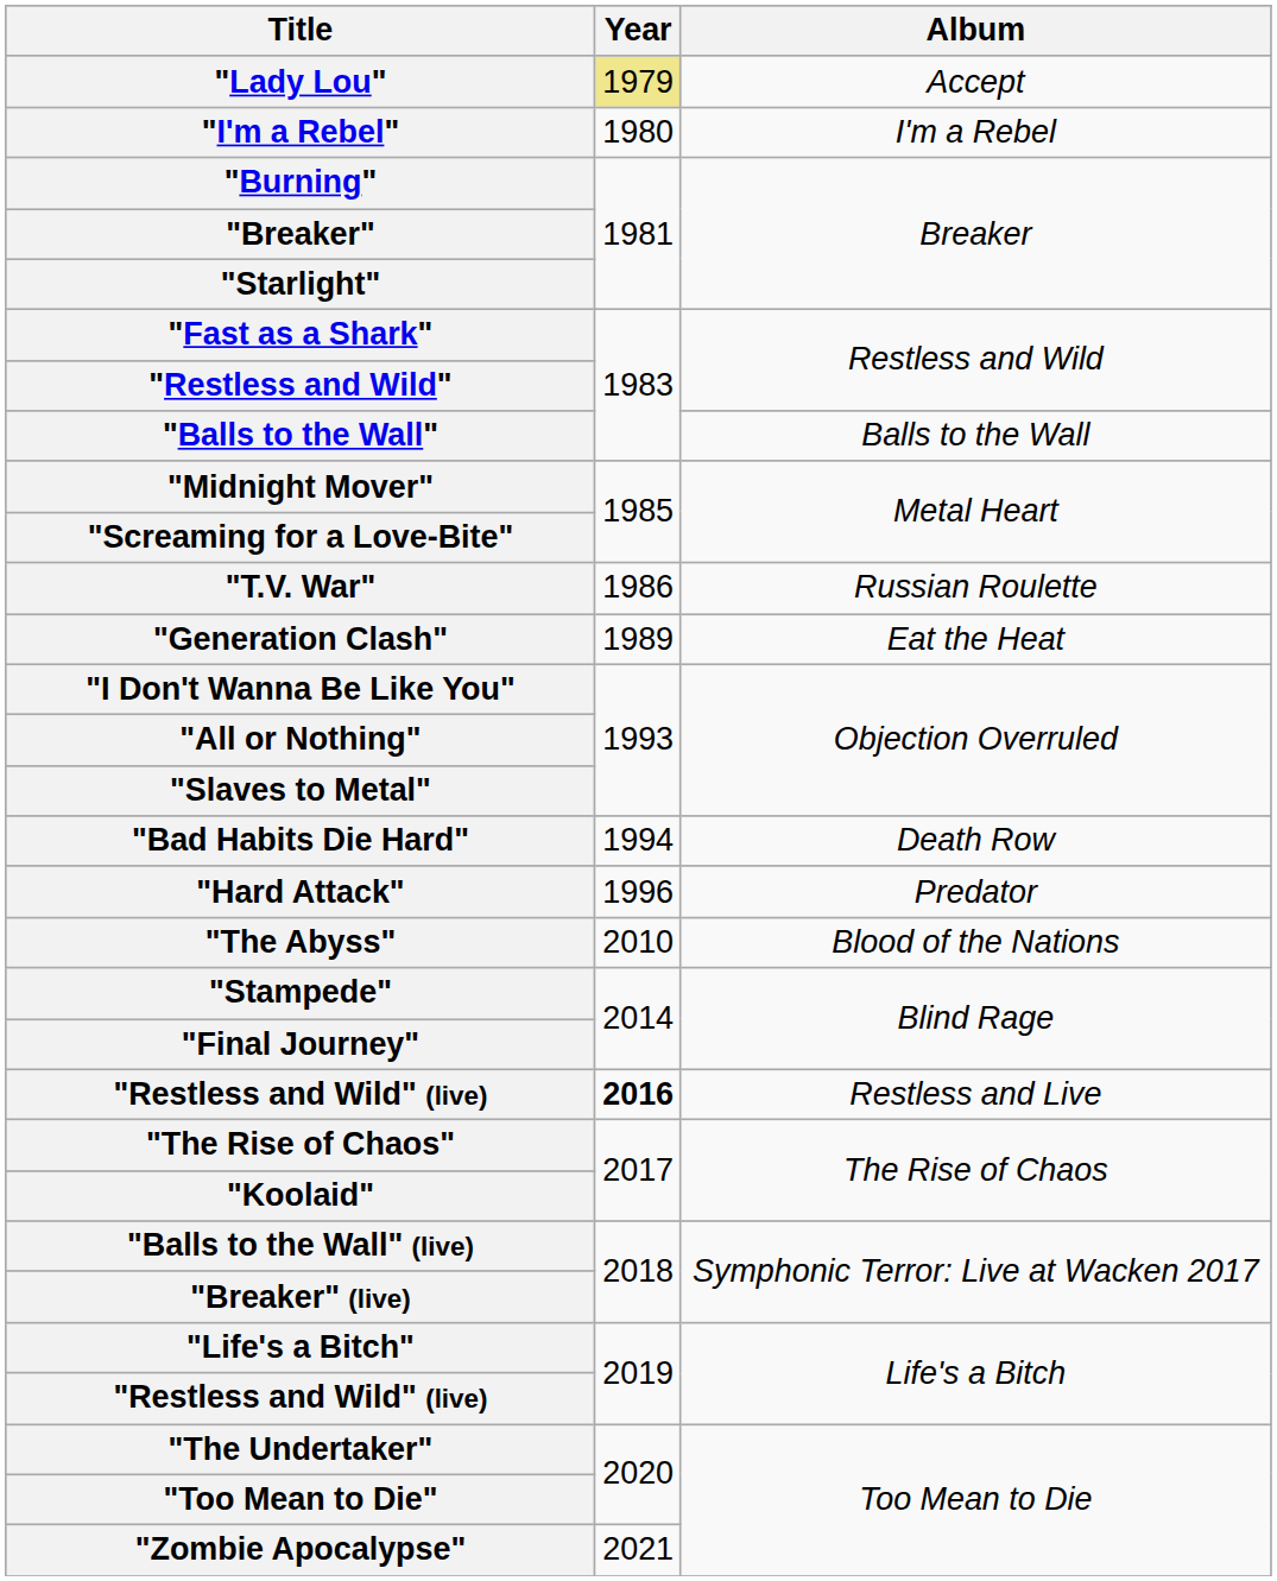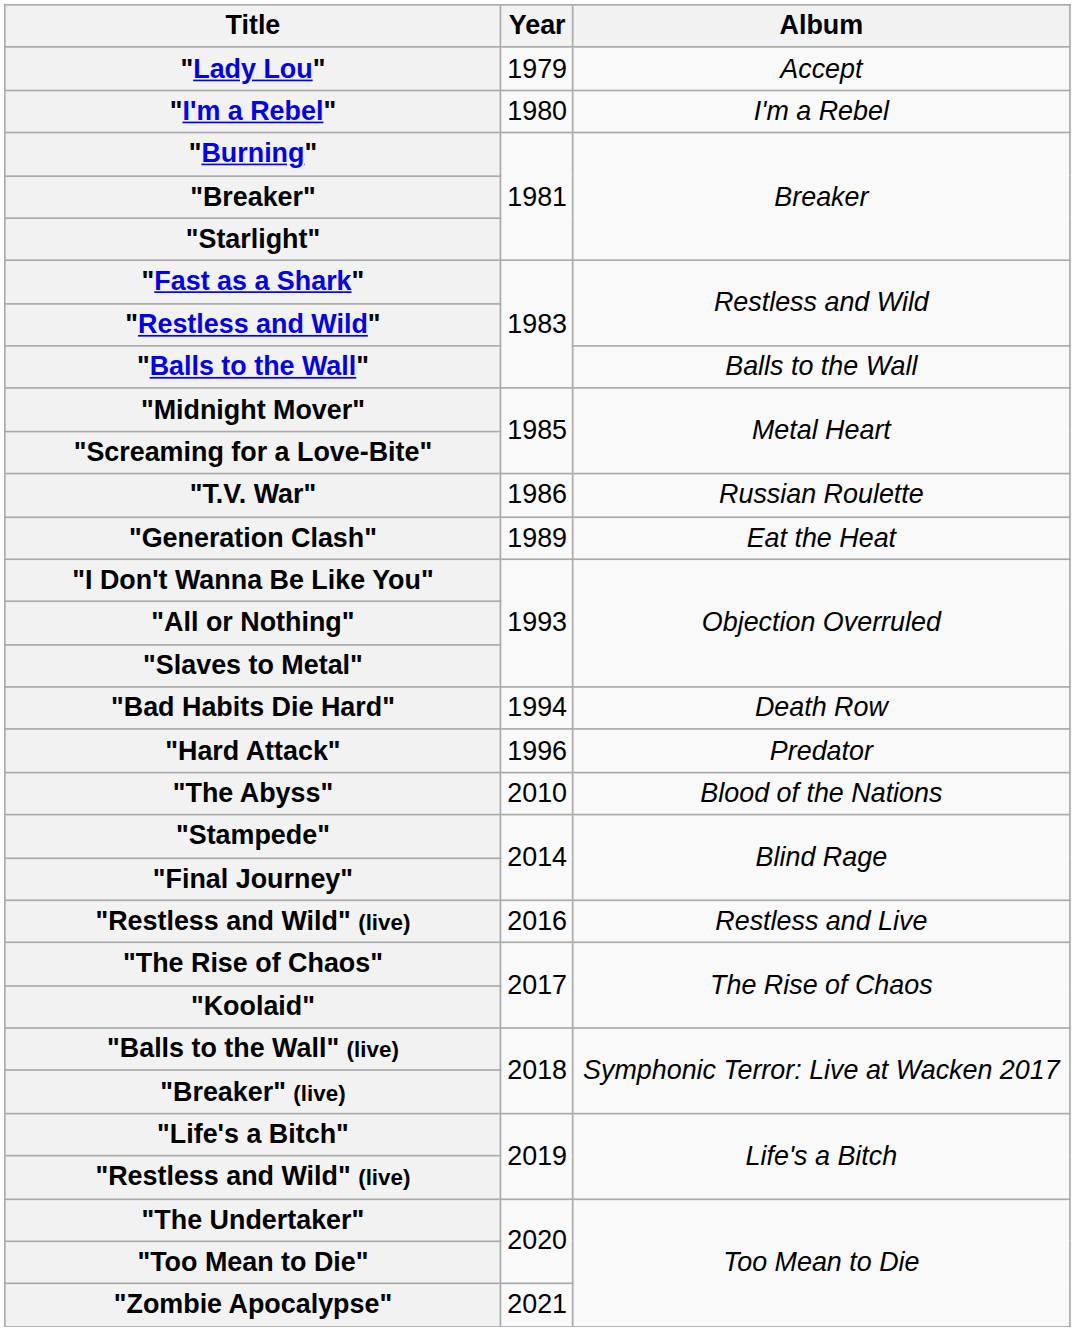 <table class="wikitable plainrowheaders" style="text-align:center;">
 <tr>
 <th scope="col" style="width:18em;">Title</th>
 <th scope="col">Year</th>
 <th scope="col" style="width:18em;">Album</th>
 </tr>
 <tr>
 <th scope="row">"<a href='#'>Lady Lou</a>"</th>
-<td style="background: khaki;">1979</td>
+<td>1979</td>
 <td><em>Accept</em></td>
 </tr>
 <tr>
 <th scope="row">"<a href='#'>I'm a Rebel</a>"</th>
 <td>1980</td>
 <td><em>I'm a Rebel</em></td>
 </tr>
 <tr>
 <th scope="row">"<a href='#'>Burning</a>"</th>
 <td rowspan="3">1981</td>
 <td rowspan="3"><em>Breaker</em></td>
 </tr>
 <tr>
 <th scope="row">"Breaker"</th>
 </tr>
 <tr>
 <th scope="row">"Starlight"</th>
 </tr>
 <tr>
 <th scope="row">"<a href='#'>Fast as a Shark</a>"</th>
 <td rowspan="3">1983</td>
 <td rowspan="2"><em>Restless and Wild</em></td>
 </tr>
 <tr>
 <th scope="row">"<a href='#'>Restless and Wild</a>"</th>
 </tr>
 <tr>
 <th scope="row">"<a href='#'>Balls to the Wall</a>"</th>
 <td><em>Balls to the Wall</em></td>
 </tr>
 <tr>
 <th scope="row">"Midnight Mover"</th>
 <td rowspan="2">1985</td>
 <td rowspan="2"><em>Metal Heart</em></td>
 </tr>
 <tr>
 <th scope="row">"Screaming for a Love-Bite"</th>
 </tr>
 <tr>
 <th scope="row">"T.V. War"</th>
 <td>1986</td>
 <td><em>Russian Roulette</em></td>
 </tr>
 <tr>
 <th scope="row">"Generation Clash"</th>
 <td>1989</td>
 <td><em>Eat the Heat</em></td>
 </tr>
 <tr>
 <th scope="row">"I Don't Wanna Be Like You"</th>
 <td rowspan="3">1993</td>
 <td rowspan="3"><em>Objection Overruled</em></td>
 </tr>
 <tr>
 <th scope="row">"All or Nothing"</th>
 </tr>
 <tr>
 <th scope="row">"Slaves to Metal"</th>
 </tr>
 <tr>
 <th scope="row">"Bad Habits Die Hard"</th>
 <td>1994</td>
 <td><em>Death Row</em></td>
 </tr>
 <tr>
 <th scope="row">"Hard Attack"</th>
 <td>1996</td>
 <td><em>Predator</em></td>
 </tr>
 <tr>
 <th scope="row">"The Abyss"</th>
 <td>2010</td>
 <td><em>Blood of the Nations</em></td>
 </tr>
 <tr>
 <th scope="row">"Stampede"</th>
 <td rowspan="2">2014</td>
 <td rowspan="2"><em>Blind Rage</em></td>
 </tr>
 <tr>
 <th scope="row">"Final Journey"</th>
 </tr>
 <tr>
 <th scope="row">"Restless and Wild" <small>(live)</small></th>
-<td><strong>2016</strong></td>
+<td>2016</td>
 <td><em>Restless and Live</em></td>
 </tr>
 <tr>
 <th scope="row">"The Rise of Chaos"</th>
 <td rowspan="2">2017</td>
 <td rowspan="2"><em>The Rise of Chaos</em></td>
 </tr>
 <tr>
 <th scope="row">"Koolaid"</th>
 </tr>
 <tr>
 <th scope="row">"Balls to the Wall" <small>(live)</small></th>
 <td rowspan="2">2018</td>
 <td rowspan="2"><em>Symphonic Terror: Live at Wacken 2017</em></td>
 </tr>
 <tr>
 <th scope="row">"Breaker" <small>(live)</small></th>
 </tr>
 <tr>
 <th scope="row">"Life's a Bitch"</th>
 <td rowspan="2">2019</td>
 <td rowspan="2"><em>Life's a Bitch</em></td>
 </tr>
 <tr>
 <th scope="row">"Restless and Wild" <small>(live)</small></th>
 </tr>
 <tr>
 <th scope="row">"The Undertaker"</th>
 <td rowspan="2">2020</td>
 <td rowspan="3"><em>Too Mean to Die</em></td>
 </tr>
 <tr>
 <th scope="row">"Too Mean to Die"</th>
 </tr>
 <tr>
 <th scope="row">"Zombie Apocalypse"</th>
 <td>2021</td>
 </tr>
 </table>
